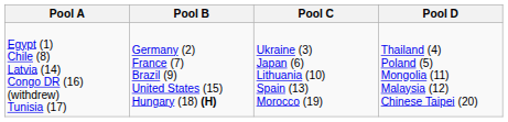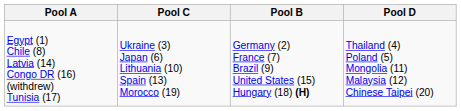 <table class="wikitable" width=80%>
 <tr>
 <th width=25%><strong>Pool A</strong></th>
+<th width=25%><strong>Pool C</strong></th>
 <th width=25%><strong>Pool B</strong></th>
-<th width=25%><strong>Pool C</strong></th>
 <th width=25%><strong>Pool D</strong></th>
 </tr>
 <tr>
 <td><br> <a href='#'>Egypt</a> (1) <br>  <a href='#'>Chile</a> (8) <br>  <a href='#'>Latvia</a> (14) <br>  <a href='#'>Congo DR</a> (16) (withdrew) <br>  <a href='#'>Tunisia</a> (17) <br></td>
+<td><br> <a href='#'>Ukraine</a> (3) <br>   <a href='#'>Japan</a> (6) <br>   <a href='#'>Lithuania</a> (10) <br>   <a href='#'>Spain</a> (13) <br>  <a href='#'>Morocco</a> (19) <br></td>
 <td><br> <a href='#'>Germany</a> (2) <br>  <a href='#'>France</a> (7)<br>   <a href='#'>Brazil</a> (9)<br>   <a href='#'>United States</a> (15) <br>  <a href='#'>Hungary</a> (18) <strong>(H)</strong> <br></td>
-<td><br> <a href='#'>Ukraine</a> (3) <br>   <a href='#'>Japan</a> (6) <br>   <a href='#'>Lithuania</a> (10) <br>   <a href='#'>Spain</a> (13) <br>  <a href='#'>Morocco</a> (19) <br></td>
 <td><br> <a href='#'>Thailand</a> (4) <br>  <a href='#'>Poland</a> (5) <br>  <a href='#'>Mongolia</a>  (11) <br>  <a href='#'>Malaysia</a> (12) <br>  <a href='#'>Chinese Taipei</a> (20) <br></td>
 </tr>
 </table>
